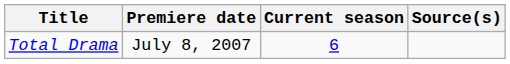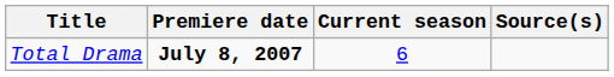 <table class="wikitable plainrowheaders sortable" style="text-align:center;">
 <tr>
 <th scope="col">Title</th>
 <th scope="col">Premiere date</th>
 <th class="unsortable">Current season</th>
 <th class="unsortable">Source(s)</th>
 </tr>
 <tr>
 <td scope="row" style="text-align:left;"><em><a href='#'>Total Drama</a></em></td>
-<td>July 8, 2007</td>
+<td><strong>July 8, 2007</strong></td>
 <td><a href='#'>6</a></td>
 <td></td>
 </tr>
 </table>
